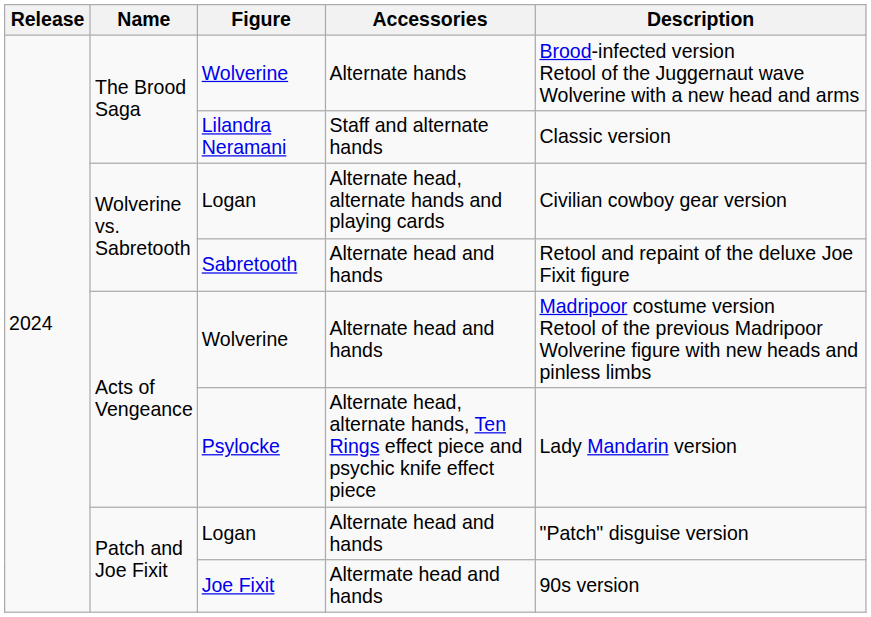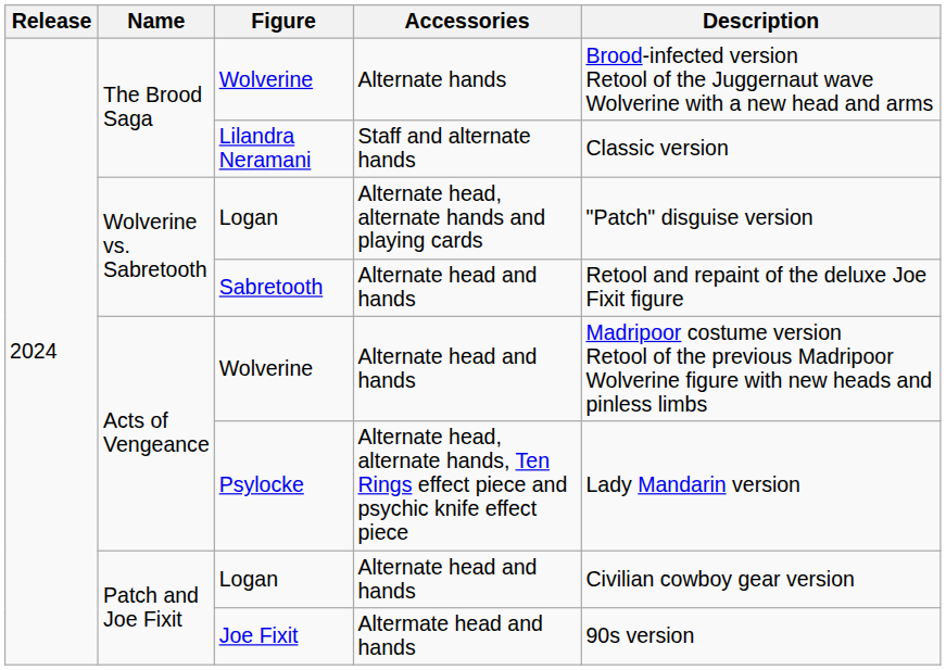 <table class="wikitable" style="width:80%;">
 <tr>
 <th width=10%>Release</th>
 <th width=10%>Name</th>
 <th width=15%>Figure</th>
 <th width=25%>Accessories</th>
 <th width=40%>Description</th>
 </tr>
 <tr>
 <td rowspan=8>2024</td>
 <td rowspan=2>The Brood Saga</td>
 <td><a href='#'>Wolverine</a></td>
 <td>Alternate hands</td>
 <td><a href='#'>Brood</a>-infected version<br>Retool of the Juggernaut wave Wolverine with a new head and arms</td>
 </tr>
 <tr>
 <td><a href='#'>Lilandra Neramani</a></td>
 <td>Staff and alternate hands</td>
 <td>Classic version</td>
 </tr>
 <tr>
 <td rowspan=2>Wolverine vs. Sabretooth</td>
 <td>Logan</td>
 <td>Alternate head, alternate hands and playing cards</td>
-<td>Civilian cowboy gear version</td>
+<td>"Patch" disguise version</td>
 </tr>
 <tr>
 <td><a href='#'>Sabretooth</a></td>
 <td>Alternate head and hands</td>
 <td>Retool and repaint of the deluxe Joe Fixit figure</td>
 </tr>
 <tr>
 <td rowspan=2>Acts of Vengeance</td>
 <td>Wolverine</td>
 <td>Alternate head and hands</td>
 <td><a href='#'>Madripoor</a> costume version<br>Retool of the previous Madripoor Wolverine figure with new heads and pinless limbs</td>
 </tr>
 <tr>
 <td><a href='#'>Psylocke</a></td>
 <td>Alternate head, alternate hands, <a href='#'>Ten Rings</a> effect piece and psychic knife effect piece</td>
 <td>Lady <a href='#'>Mandarin</a> version</td>
 </tr>
 <tr>
 <td rowspan=2>Patch and Joe Fixit</td>
 <td>Logan</td>
 <td>Alternate head and hands</td>
-<td>"Patch" disguise version</td>
+<td>Civilian cowboy gear version</td>
 </tr>
 <tr>
 <td><a href='#'>Joe Fixit</a></td>
 <td>Altermate head and hands</td>
 <td>90s version</td>
 </tr>
 </table>
